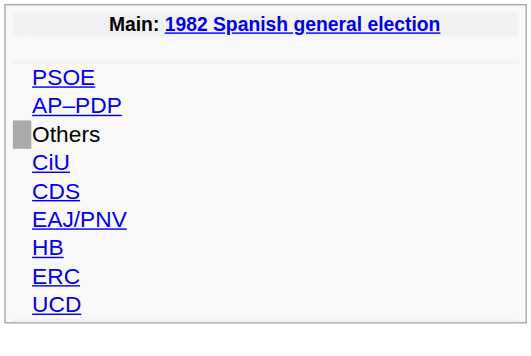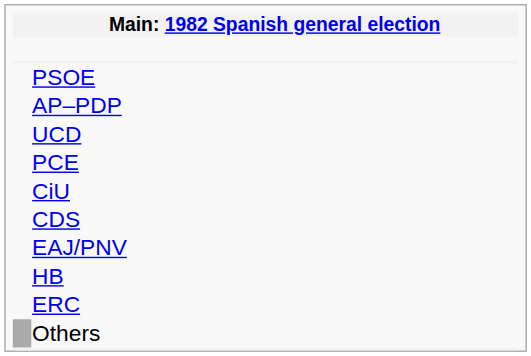 <table class="infobox vcard" style="width:23.0em; padding:0.3em; padding-bottom:0em;" cellspacing=0>
 <tr>
 <td style="background:#F2F2F2; vertical-align:middle; padding:0.4em;" width="30px"></td>
 <th colspan="4" style="text-align:center; background:#F2F2F2; font-size:0.85em; width:100%; vertical-align:middle;">Main: <a href='#'>1982 Spanish general election</a></th>
 </tr>
 <tr>
 <td colspan="5" style="text-align:center; font-size:0.85em; padding:0.5em 0em;">  </td>
 </tr>
 <tr>
 <td colspan="5"></td>
 </tr>
 <tr>
 <td colspan="5"></td>
 </tr>
 <tr>
 <th colspan="2" width="85px" style="background:#F2F2F2;"></th>
 <th width="70px" style="background:#F2F2F2;"></th>
 <th width="45px" style="background:#F2F2F2;"></th>
 <th width="30px" style="background:#F2F2F2;"></th>
 </tr>
 <tr>
 <td style="background:"></td>
 <td><a href='#'>PSOE</a></td>
 <td></td>
 <td></td>
 <td></td>
 </tr>
 <tr>
 <td style="background:"></td>
 <td><a href='#'>AP–PDP</a></td>
 <td></td>
 <td></td>
 <td></td>
 </tr>
 <tr>
-<td style="background:#AAAAAA;"></td>
-<td>Others</td>
+<td style="background:"></td>
+<td><a href='#'>UCD</a></td>
+<td></td>
+<td></td>
+<td></td>
+</tr>
+<tr>
+<td style="background:"></td>
+<td><a href='#'>PCE</a></td>
 <td></td>
 <td></td>
 <td></td>
 </tr>
 <tr>
 <td style="background:"></td>
 <td><a href='#'>CiU</a></td>
 <td></td>
 <td></td>
 <td></td>
 </tr>
 <tr>
 <td style="background:"></td>
 <td><a href='#'>CDS</a></td>
 <td></td>
 <td></td>
 <td></td>
 </tr>
 <tr>
 <td style="background:"></td>
 <td><a href='#'>EAJ/PNV</a></td>
 <td></td>
 <td></td>
 <td></td>
 </tr>
 <tr>
 <td style="background:"></td>
 <td><a href='#'>HB</a></td>
 <td></td>
 <td></td>
 <td></td>
 </tr>
 <tr>
 <td style="background:"></td>
 <td><a href='#'>ERC</a></td>
 <td></td>
 <td></td>
 <td></td>
 </tr>
 <tr>
-<td style="background:"></td>
-<td><a href='#'>UCD</a></td>
+<td style="background:#AAAAAA;"></td>
+<td>Others</td>
 <td></td>
 <td></td>
 <td></td>
 </tr>
 <tr>
 <th colspan="2" style="background:#F2F2F2;"></th>
 <th style="background:#F2F2F2;"></th>
 <th style="background:#F2F2F2;"></th>
 <th style="background:#F2F2F2;"></th>
 </tr>
 </table>
